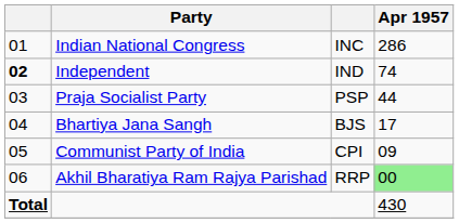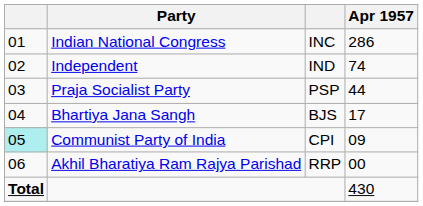 <table class="wikitable sortable">
 <tr>
 <th></th>
 <th>Party</th>
 <th></th>
 <th>Apr 1957</th>
 </tr>
 <tr>
 <td>01</td>
 <td><a href='#'>Indian National Congress</a></td>
 <td bgcolor=>INC</td>
 <td>286</td>
 </tr>
 <tr>
-<td><strong>02</strong></td>
+<td>02</td>
 <td><a href='#'>Independent</a></td>
 <td bgcolor=>IND</td>
 <td>74</td>
 </tr>
 <tr>
 <td>03</td>
 <td><a href='#'>Praja Socialist Party</a></td>
 <td bgcolor=>PSP</td>
 <td>44</td>
 </tr>
 <tr>
 <td>04</td>
 <td><a href='#'>Bhartiya Jana Sangh</a></td>
 <td>BJS</td>
 <td>17</td>
 </tr>
 <tr>
-<td>05</td>
+<td style="background: paleturquoise;">05</td>
 <td><a href='#'>Communist Party of India</a></td>
 <td bgcolor=>CPI</td>
 <td>09</td>
 </tr>
 <tr>
 <td>06</td>
 <td><a href='#'>Akhil Bharatiya Ram Rajya Parishad</a></td>
 <td bgcolor=>RRP</td>
-<td style="background: lightgreen;">00</td>
+<td>00</td>
 </tr>
 <tr>
 <td><strong><u>Total</u></strong></td>
 <td colspan="2"></td>
 <td><u>430</u></td>
 </tr>
 <tr>
 </tr>
 </table>
